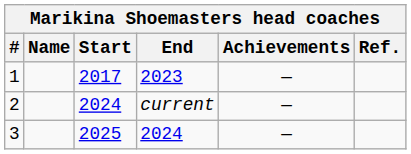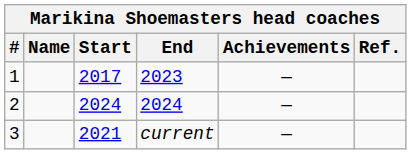 <table class="wikitable sortable">
 <tr>
 <th colspan="6">Marikina Shoemasters head coaches</th>
 </tr>
 <tr>
 <th>#</th>
 <th>Name</th>
 <th>Start</th>
 <th>End</th>
 <th>Achievements</th>
 <th>Ref.</th>
 </tr>
 <tr>
 <td align=center>1</td>
 <td></td>
 <td><a href='#'>2017</a></td>
 <td><a href='#'>2023</a></td>
 <td align=center>—</td>
 <td></td>
 </tr>
 <tr>
 <td align=center>2</td>
 <td></td>
 <td><a href='#'>2024</a></td>
-<td><em>current</em></td>
+<td><a href='#'>2024</a></td>
 <td align=center>—</td>
 <td></td>
 </tr>
 <tr>
 <td align=center>3</td>
 <td></td>
-<td><a href='#'>2025</a></td>
-<td><a href='#'>2024</a></td>
+<td><a href='#'>2021</a></td>
+<td><em>current</em></td>
 <td align=center>—</td>
 <td></td>
 </tr>
 </table>
